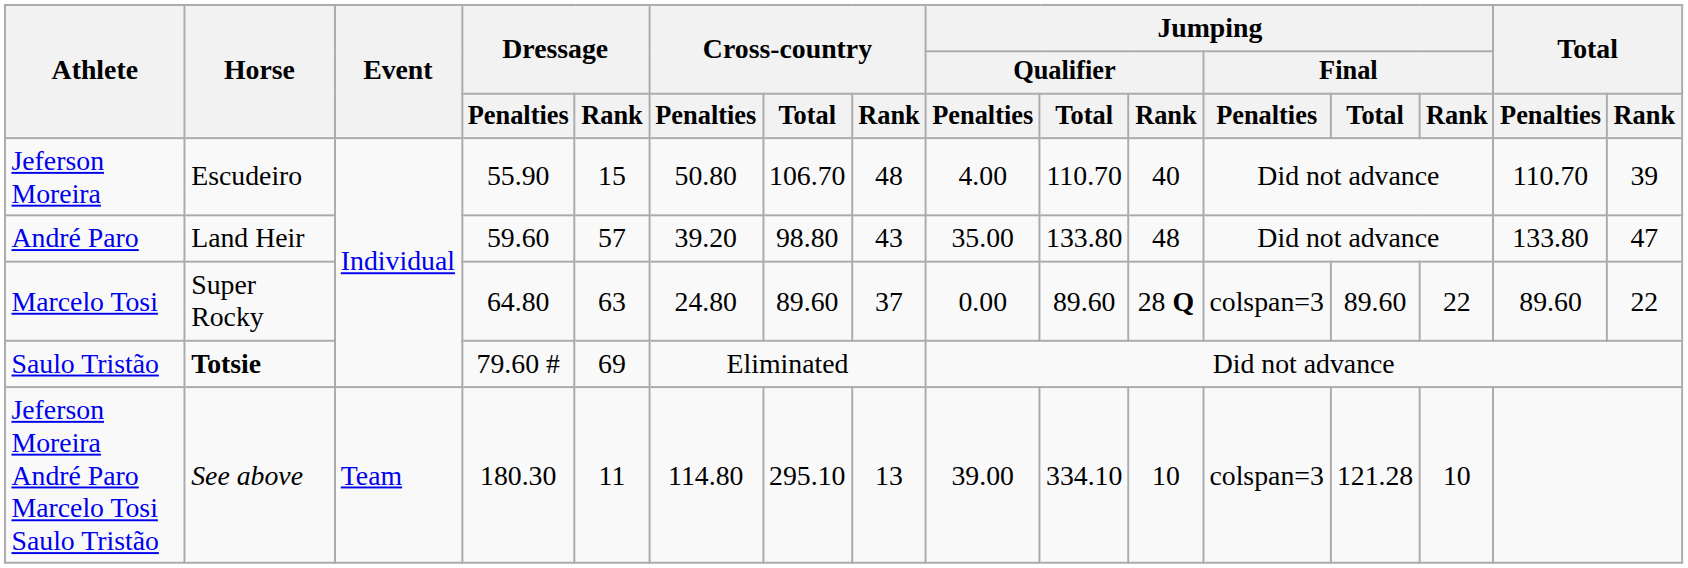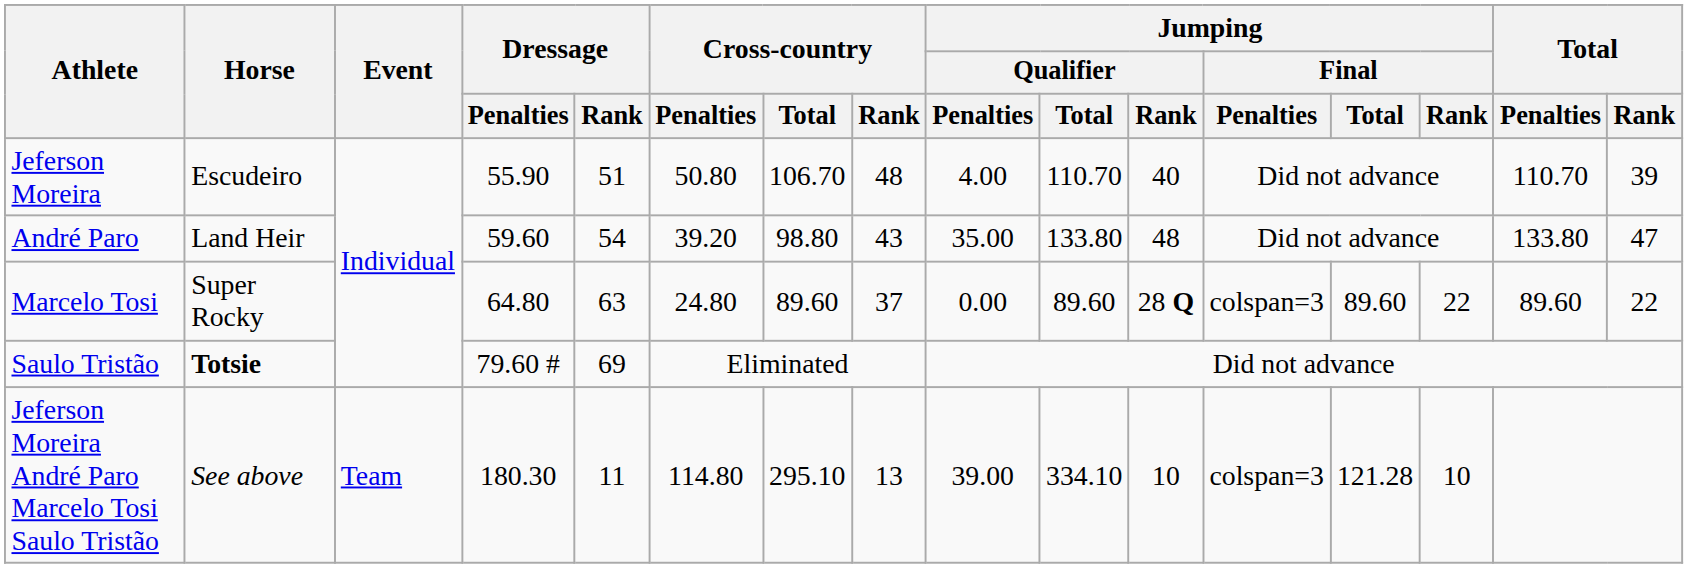 <table class=wikitable style="font-size:90%">
 <tr>
 <th rowspan="3">Athlete</th>
 <th rowspan="3">Horse</th>
 <th rowspan="3">Event</th>
 <th colspan="2" rowspan="2">Dressage</th>
 <th colspan="3" rowspan="2">Cross-country</th>
 <th colspan="6">Jumping</th>
 <th colspan="2" rowspan="2">Total</th>
 </tr>
 <tr style="font-size:95%">
 <th colspan="3">Qualifier</th>
 <th colspan="3">Final</th>
 </tr>
 <tr style="font-size:95%">
 <th>Penalties</th>
 <th>Rank</th>
 <th>Penalties</th>
 <th>Total</th>
 <th>Rank</th>
 <th>Penalties</th>
 <th>Total</th>
 <th>Rank</th>
 <th>Penalties</th>
 <th>Total</th>
 <th>Rank</th>
 <th>Penalties</th>
 <th>Rank</th>
 </tr>
 <tr align=center>
 <td align=left><a href='#'>Jeferson Moreira</a></td>
 <td align=left>Escudeiro</td>
 <td align=left rowspan=4><a href='#'>Individual</a></td>
 <td>55.90</td>
-<td>15</td>
+<td>51</td>
 <td>50.80</td>
 <td>106.70</td>
 <td>48</td>
 <td>4.00</td>
 <td>110.70</td>
 <td>40</td>
 <td colspan=3>Did not advance</td>
 <td>110.70</td>
 <td>39</td>
 </tr>
 <tr align=center>
 <td align=left><a href='#'>André Paro</a></td>
 <td align=left>Land Heir</td>
 <td>59.60</td>
-<td>57</td>
+<td>54</td>
 <td>39.20</td>
 <td>98.80</td>
 <td>43</td>
 <td>35.00</td>
 <td>133.80</td>
 <td>48</td>
 <td colspan=3>Did not advance</td>
 <td>133.80</td>
 <td>47</td>
 </tr>
 <tr align=center>
 <td align=left><a href='#'>Marcelo Tosi</a></td>
 <td align=left>Super Rocky</td>
 <td>64.80</td>
 <td>63</td>
 <td>24.80</td>
 <td>89.60</td>
 <td>37</td>
 <td>0.00</td>
 <td>89.60</td>
 <td>28 <strong>Q</strong></td>
 <td>colspan=3 </td>
 <td>89.60</td>
 <td>22</td>
 <td>89.60</td>
 <td>22</td>
 </tr>
 <tr align=center>
 <td align=left><a href='#'>Saulo Tristão</a></td>
 <td align=left><strong>Totsie</strong></td>
 <td>79.60 #</td>
 <td>69</td>
 <td colspan=3>Eliminated</td>
 <td colspan=8>Did not advance</td>
 </tr>
 <tr align=center>
 <td align=left><a href='#'>Jeferson Moreira</a><br><a href='#'>André Paro</a><br><a href='#'>Marcelo Tosi</a><br><a href='#'>Saulo Tristão</a></td>
 <td align=left><em>See above</em></td>
 <td align=left><a href='#'>Team</a></td>
 <td>180.30</td>
 <td>11</td>
 <td>114.80</td>
 <td>295.10</td>
 <td>13</td>
 <td>39.00</td>
 <td>334.10</td>
 <td>10</td>
 <td>colspan=3 </td>
 <td>121.28</td>
 <td>10</td>
 </tr>
 </table>
